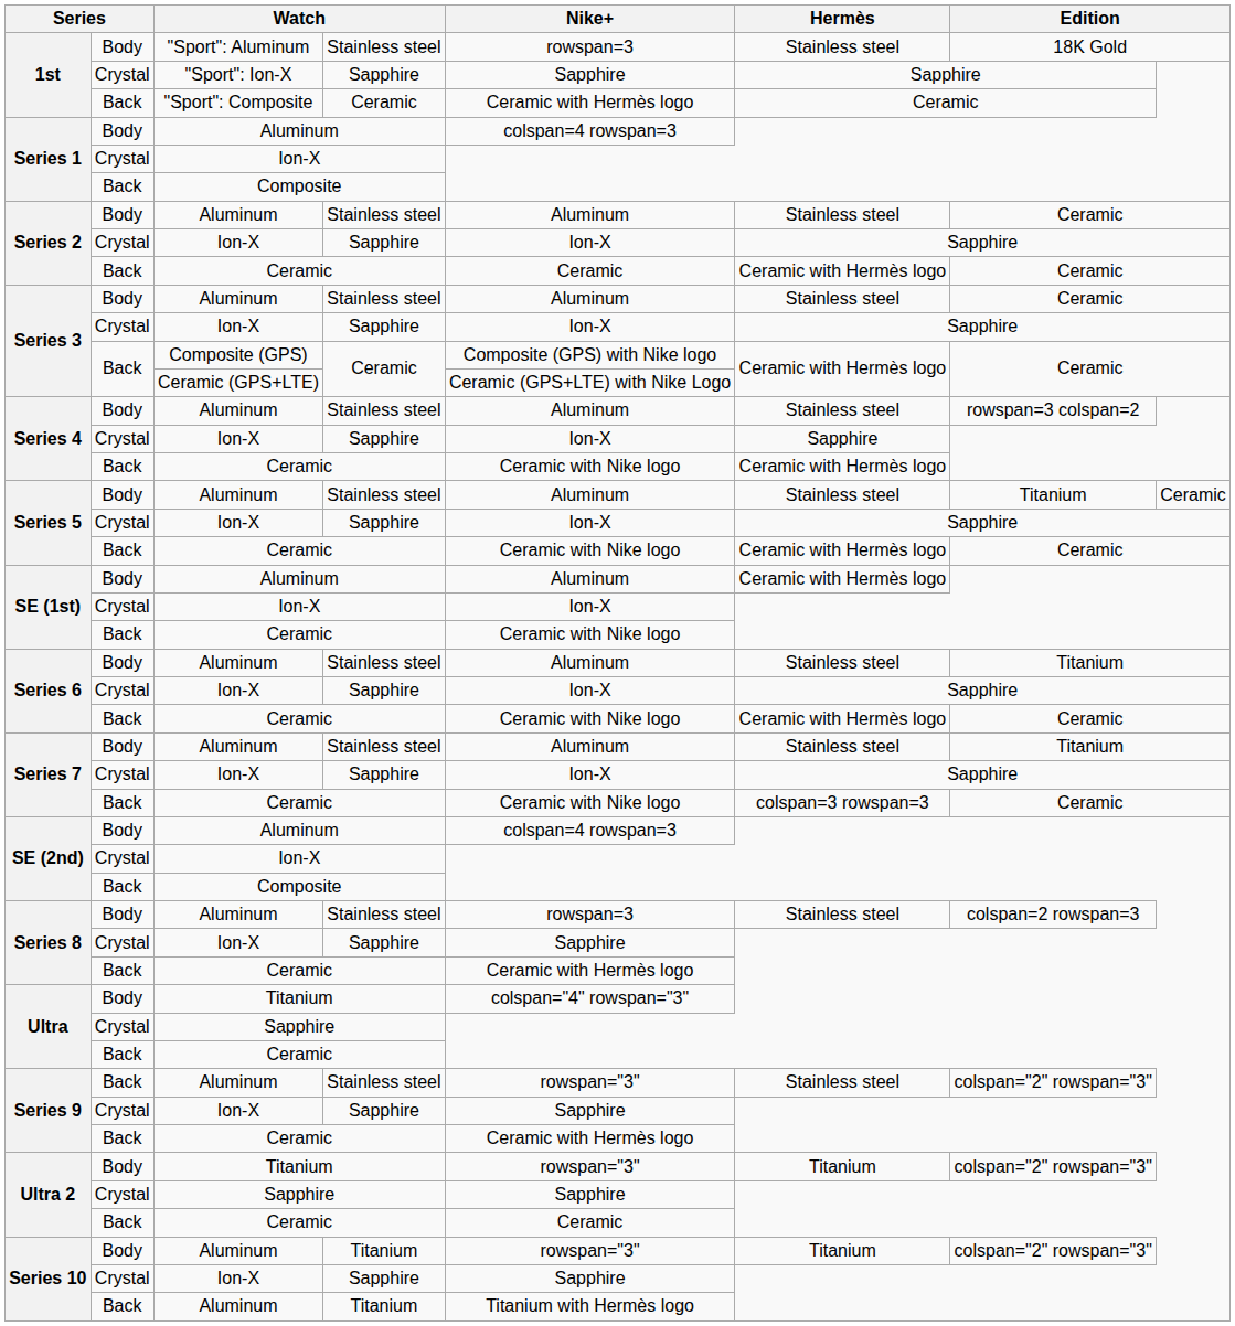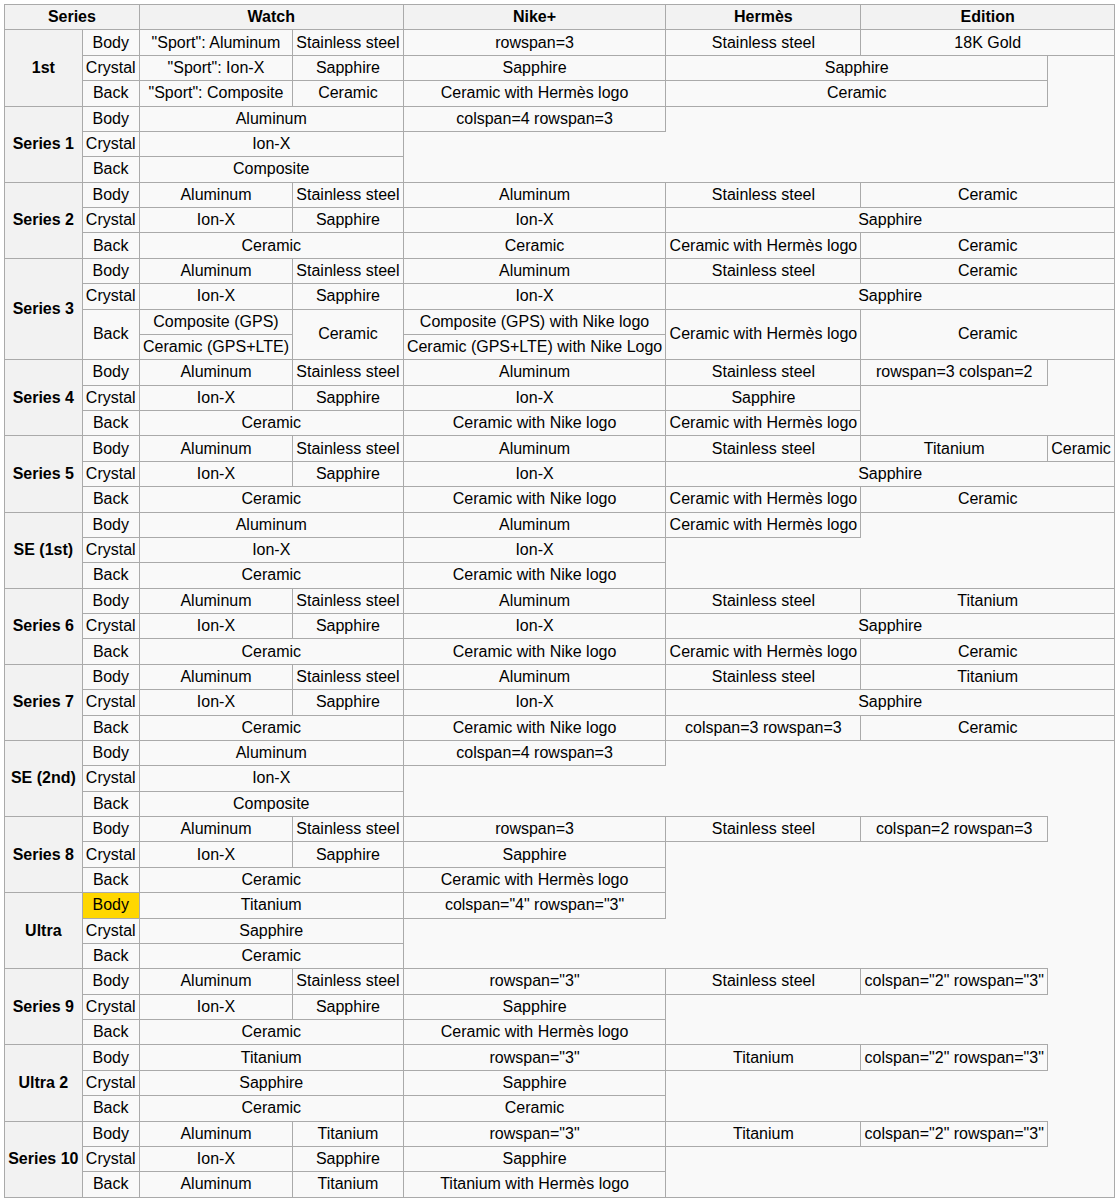 <table class="wikitable" style="text-align:center;font-size:100%">
 <tr>
 <th colspan=2>Series</th>
 <th colspan=2>Watch</th>
 <th>Nike+</th>
 <th>Hermès</th>
 <th colspan=2>Edition</th>
 </tr>
 <tr>
 <th rowspan=3>1st</th>
 <td>Body</td>
 <td>"Sport": Aluminum<br></td>
 <td>Stainless steel<br></td>
 <td>rowspan=3 </td>
 <td>Stainless steel<br></td>
 <td colspan=2>18K Gold<br></td>
 </tr>
 <tr>
 <td>Crystal</td>
 <td>"Sport": Ion-X</td>
 <td>Sapphire</td>
 <td>Sapphire</td>
 <td colspan=2>Sapphire</td>
 </tr>
 <tr>
 <td>Back</td>
 <td>"Sport": Composite</td>
 <td>Ceramic</td>
 <td>Ceramic with Hermès logo</td>
 <td colspan=2>Ceramic</td>
 </tr>
 <tr>
 <th rowspan=3>Series 1</th>
 <td>Body</td>
 <td colspan=2>Aluminum<br></td>
 <td>colspan=4 rowspan=3 </td>
 </tr>
 <tr>
 <td>Crystal</td>
 <td colspan=2>Ion-X</td>
 </tr>
 <tr>
 <td>Back</td>
 <td colspan=2>Composite</td>
 </tr>
 <tr>
 <th rowspan=3>Series 2</th>
 <td>Body</td>
 <td>Aluminum<br></td>
 <td>Stainless steel<br></td>
 <td>Aluminum<br></td>
 <td>Stainless steel<br></td>
 <td colspan=2>Ceramic<br></td>
 </tr>
 <tr>
 <td>Crystal</td>
 <td>Ion-X</td>
 <td>Sapphire</td>
 <td>Ion-X</td>
 <td colspan=3>Sapphire</td>
 </tr>
 <tr>
 <td>Back</td>
 <td colspan=2>Ceramic</td>
 <td>Ceramic</td>
 <td>Ceramic with Hermès logo</td>
 <td colspan=2>Ceramic</td>
 </tr>
 <tr>
 <th rowspan=4>Series 3</th>
 <td>Body</td>
 <td>Aluminum<br></td>
 <td>Stainless steel<br></td>
 <td>Aluminum<br></td>
 <td>Stainless steel<br></td>
 <td colspan=2>Ceramic<br></td>
 </tr>
 <tr>
 <td>Crystal</td>
 <td>Ion-X</td>
 <td>Sapphire</td>
 <td>Ion-X</td>
 <td colspan=3>Sapphire</td>
 </tr>
 <tr>
 <td rowspan=2>Back</td>
 <td>Composite (GPS)</td>
 <td rowspan=2>Ceramic</td>
 <td>Composite (GPS) with Nike logo</td>
 <td rowspan=2>Ceramic with Hermès logo</td>
 <td colspan=2 rowspan=2>Ceramic</td>
 </tr>
 <tr>
 <td>Ceramic (GPS+LTE)</td>
 <td>Ceramic (GPS+LTE) with Nike Logo</td>
 </tr>
 <tr>
 <th rowspan=3>Series 4</th>
 <td>Body</td>
 <td>Aluminum<br></td>
 <td>Stainless steel<br></td>
 <td>Aluminum<br></td>
 <td>Stainless steel<br></td>
 <td>rowspan=3 colspan=2 </td>
 </tr>
 <tr>
 <td>Crystal</td>
 <td>Ion-X</td>
 <td>Sapphire</td>
 <td>Ion-X</td>
 <td>Sapphire</td>
 </tr>
 <tr>
 <td>Back</td>
 <td colspan=2>Ceramic</td>
 <td>Ceramic with Nike logo</td>
 <td>Ceramic with Hermès logo</td>
 </tr>
 <tr>
 <th rowspan=3>Series 5</th>
 <td>Body</td>
 <td>Aluminum<br></td>
 <td>Stainless steel<br></td>
 <td>Aluminum<br></td>
 <td>Stainless steel<br></td>
 <td>Titanium<br></td>
 <td>Ceramic<br></td>
 </tr>
 <tr>
 <td>Crystal</td>
 <td>Ion-X</td>
 <td>Sapphire</td>
 <td>Ion-X</td>
 <td colspan=3>Sapphire</td>
 </tr>
 <tr>
 <td>Back</td>
 <td colspan=2>Ceramic</td>
 <td>Ceramic with Nike logo</td>
 <td>Ceramic with Hermès logo</td>
 <td colspan=2>Ceramic</td>
 </tr>
 <tr>
 <th rowspan=3>SE (1st)</th>
 <td>Body</td>
 <td colspan=2>Aluminum<br></td>
 <td>Aluminum<br></td>
 <td>Ceramic with Hermès logo</td>
 </tr>
 <tr>
 <td>Crystal</td>
 <td colspan=2>Ion-X</td>
 <td>Ion-X</td>
 </tr>
 <tr>
 <td>Back</td>
 <td colspan=2>Ceramic</td>
 <td>Ceramic with Nike logo</td>
 </tr>
 <tr>
 <th rowspan=3>Series 6</th>
 <td>Body</td>
 <td>Aluminum<br></td>
 <td>Stainless steel<br></td>
 <td>Aluminum<br></td>
 <td>Stainless steel<br></td>
 <td colspan=2>Titanium<br></td>
 </tr>
 <tr>
 <td>Crystal</td>
 <td>Ion-X</td>
 <td>Sapphire</td>
 <td>Ion-X</td>
 <td colspan=3>Sapphire</td>
 </tr>
 <tr>
 <td>Back</td>
 <td colspan=2>Ceramic</td>
 <td>Ceramic with Nike logo</td>
 <td>Ceramic with Hermès logo</td>
 <td colspan=2>Ceramic</td>
 </tr>
 <tr>
 <th rowspan=3>Series 7</th>
 <td>Body</td>
 <td>Aluminum<br></td>
 <td>Stainless steel<br></td>
 <td>Aluminum<br></td>
 <td>Stainless steel<br></td>
 <td colspan=2>Titanium<br></td>
 </tr>
 <tr>
 <td>Crystal</td>
 <td>Ion-X</td>
 <td>Sapphire</td>
 <td>Ion-X</td>
 <td colspan=3>Sapphire</td>
 </tr>
 <tr>
 <td>Back</td>
 <td colspan=2>Ceramic</td>
 <td>Ceramic with Nike logo</td>
 <td>colspan=3 rowspan=3 </td>
 <td colspan=2>Ceramic</td>
 </tr>
 <tr>
 <th rowspan=3>SE (2nd)</th>
 <td>Body</td>
 <td colspan=2>Aluminum<br></td>
 <td>colspan=4 rowspan=3 </td>
 </tr>
 <tr>
 <td>Crystal</td>
 <td colspan=2>Ion-X</td>
 </tr>
 <tr>
 <td>Back</td>
 <td colspan=2>Composite</td>
 </tr>
 <tr>
 <th rowspan=3>Series 8</th>
 <td>Body</td>
 <td>Aluminum<br></td>
 <td>Stainless steel<br></td>
 <td>rowspan=3 </td>
 <td>Stainless steel<br></td>
 <td>colspan=2 rowspan=3 </td>
 </tr>
 <tr>
 <td>Crystal</td>
 <td>Ion-X</td>
 <td>Sapphire</td>
 <td>Sapphire</td>
 </tr>
 <tr>
 <td>Back</td>
 <td colspan=2>Ceramic</td>
 <td>Ceramic with Hermès logo</td>
 </tr>
 <tr>
 <th rowspan="3">Ultra</th>
-<td>Body</td>
+<td style="background: gold;">Body</td>
 <td colspan="2">Titanium</td>
 <td>colspan="4" rowspan="3" </td>
 </tr>
 <tr>
 <td>Crystal</td>
 <td colspan="2">Sapphire</td>
 </tr>
 <tr>
 <td>Back</td>
 <td colspan="2">Ceramic</td>
 </tr>
 <tr>
 <th rowspan="3">Series 9</th>
-<td>Back</td>
+<td>Body</td>
 <td>Aluminum<br></td>
 <td>Stainless steel<br></td>
 <td>rowspan="3" </td>
 <td>Stainless steel<br></td>
 <td>colspan="2" rowspan="3" </td>
 </tr>
 <tr>
 <td>Crystal</td>
 <td>Ion-X</td>
 <td>Sapphire</td>
 <td>Sapphire</td>
 </tr>
 <tr>
 <td>Back</td>
 <td colspan="2">Ceramic</td>
 <td>Ceramic with Hermès logo</td>
 </tr>
 <tr>
 <th rowspan="3">Ultra 2</th>
 <td>Body</td>
 <td colspan="2">Titanium<br></td>
 <td>rowspan="3" </td>
 <td>Titanium</td>
 <td>colspan="2" rowspan="3" </td>
 </tr>
 <tr>
 <td>Crystal</td>
 <td colspan="2">Sapphire</td>
 <td>Sapphire</td>
 </tr>
 <tr>
 <td>Back</td>
 <td colspan="2">Ceramic</td>
 <td>Ceramic</td>
 </tr>
 <tr>
 <th rowspan="3">Series 10</th>
 <td>Body</td>
 <td>Aluminum<br></td>
 <td>Titanium<br></td>
 <td>rowspan="3" </td>
 <td>Titanium<br></td>
 <td>colspan="2" rowspan="3" </td>
 </tr>
 <tr>
 <td>Crystal</td>
 <td>Ion-X</td>
 <td>Sapphire</td>
 <td>Sapphire</td>
 </tr>
 <tr>
 <td>Back</td>
 <td>Aluminum</td>
 <td>Titanium</td>
 <td>Titanium with Hermès logo</td>
 </tr>
 </table>
